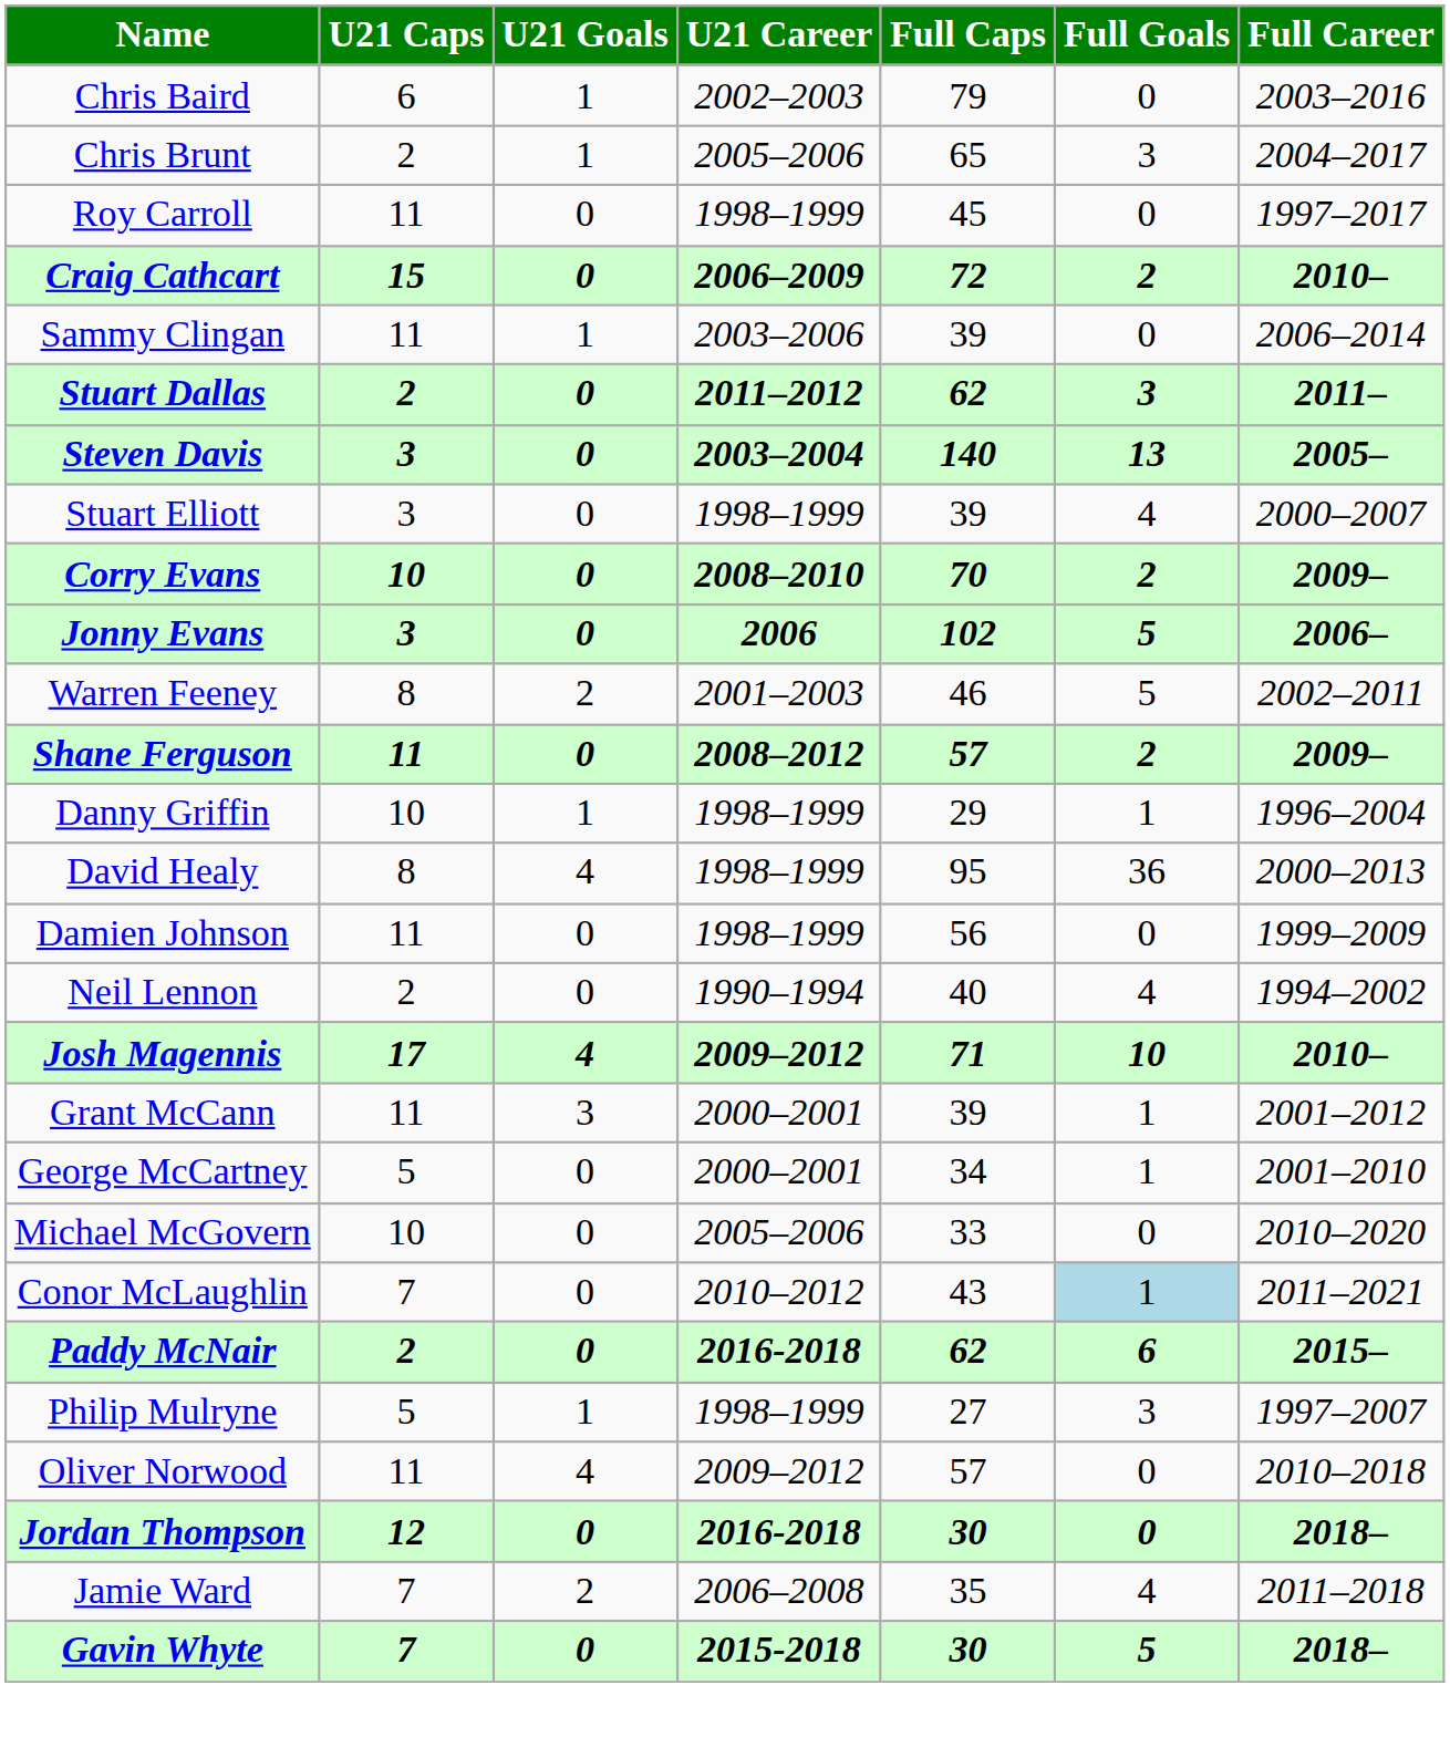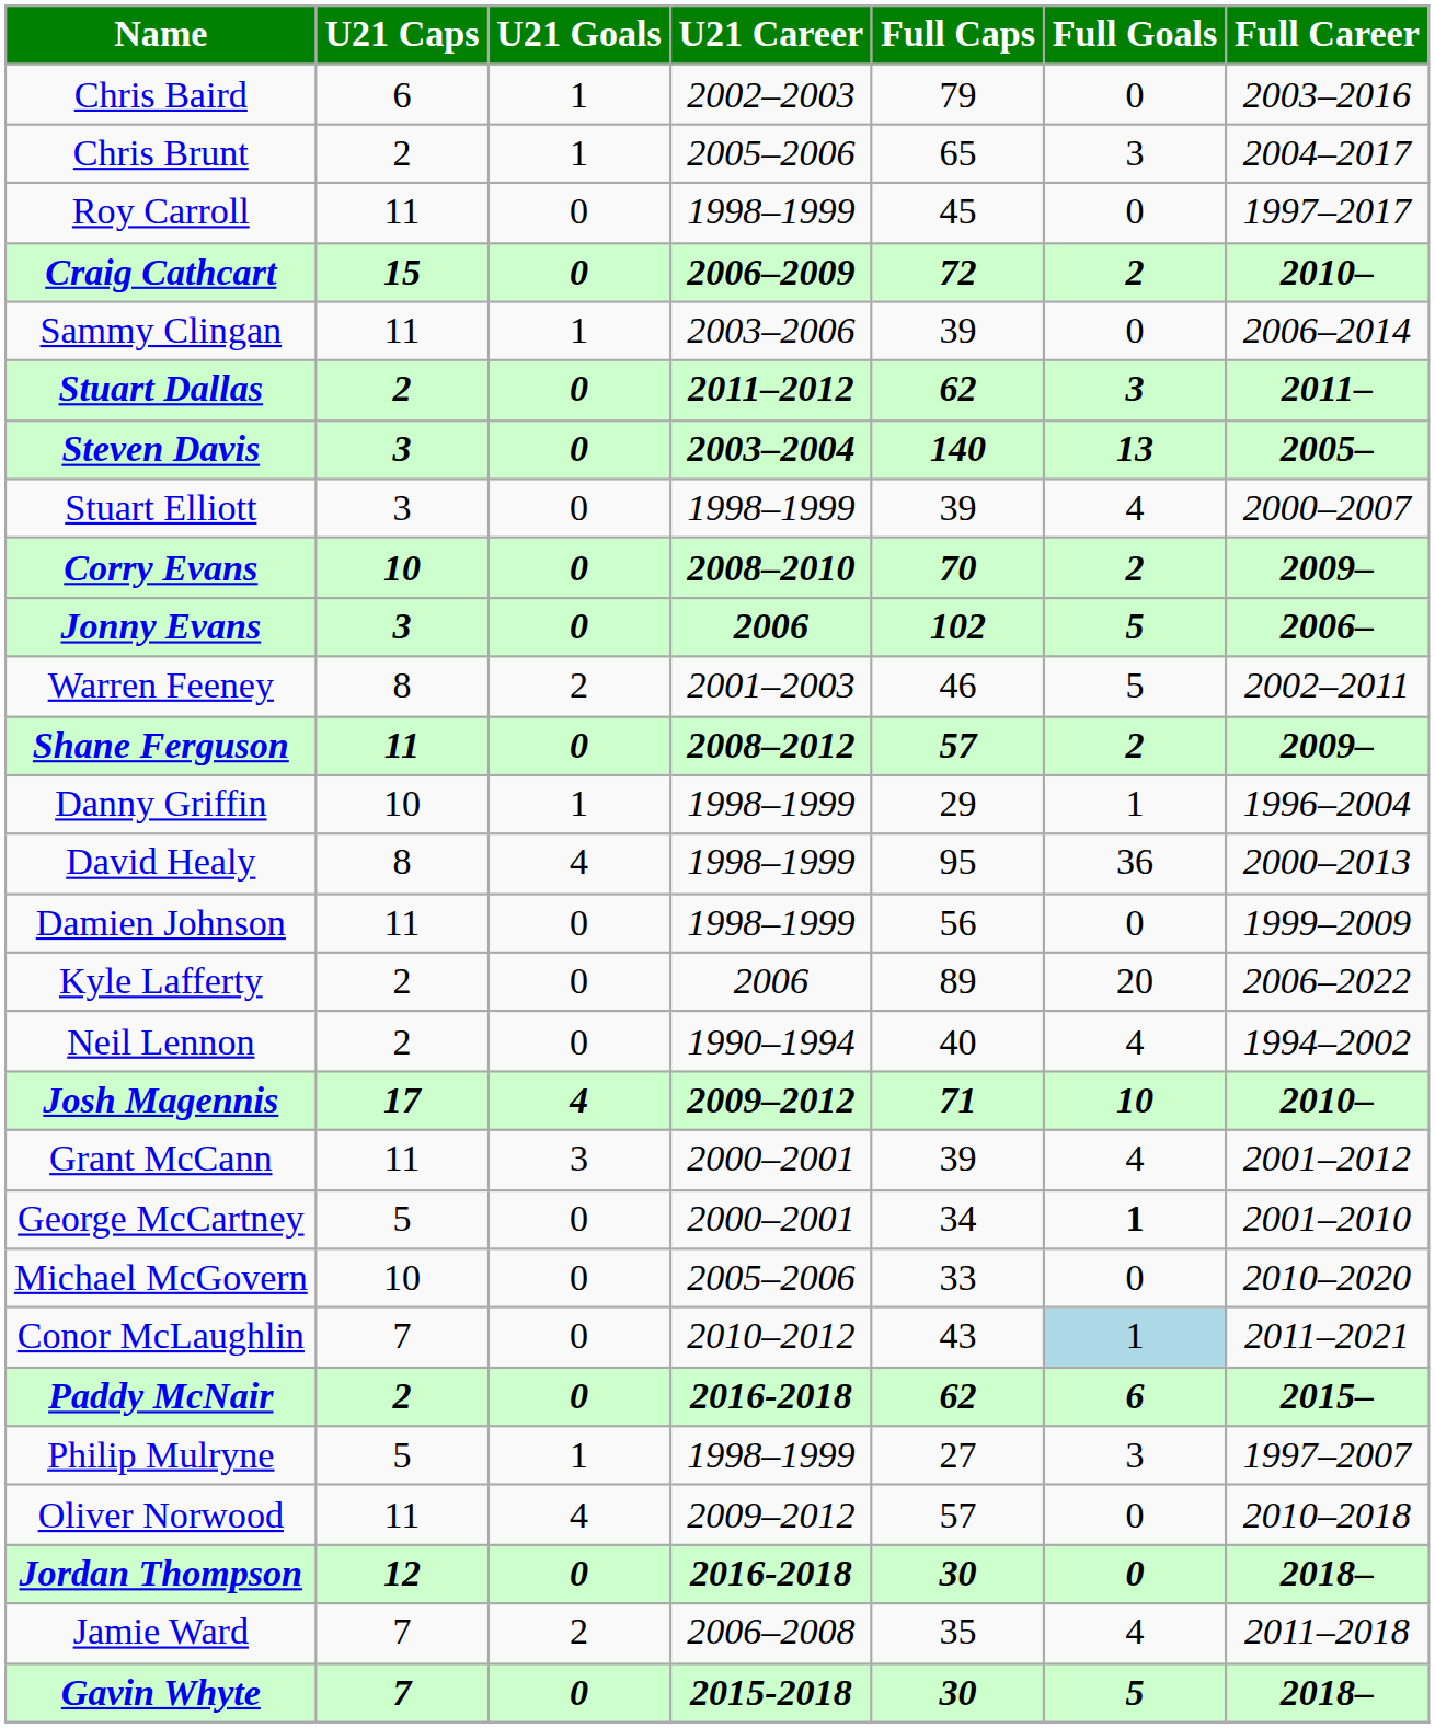 <table class="wikitable sortable" style="text-align: center;">
 <tr>
 <th style="background-color:#008000; color:white; ">Name</th>
 <th style="background-color:#008000; color:white; ">U21 Caps</th>
 <th style="background-color:#008000; color:white; ">U21 Goals</th>
 <th style="background-color:#008000; color:white; ">U21 Career</th>
 <th style="background-color:#008000; color:white; ">Full Caps</th>
 <th style="background-color:#008000; color:white; ">Full Goals</th>
 <th style="background-color:#008000; color:white; ">Full Career</th>
 </tr>
 <tr>
 <td><a href='#'>Chris Baird</a></td>
 <td>6</td>
 <td>1</td>
 <td><em>2002–2003</em></td>
 <td>79</td>
 <td>0</td>
 <td><em>2003–2016</em></td>
 </tr>
 <tr>
 <td><a href='#'>Chris Brunt</a></td>
 <td>2</td>
 <td>1</td>
 <td><em>2005–2006</em></td>
 <td>65</td>
 <td>3</td>
 <td><em>2004–2017</em></td>
 </tr>
 <tr>
 <td><a href='#'>Roy Carroll</a></td>
 <td>11</td>
 <td>0</td>
 <td><em>1998–1999</em></td>
 <td>45</td>
 <td>0</td>
 <td><em>1997–2017</em></td>
 </tr>
 <tr bgcolor=#CFC>
 <td><strong><em><a href='#'>Craig Cathcart</a></em></strong></td>
 <td><strong><em>15</em></strong></td>
 <td><strong><em>0</em></strong></td>
 <td><strong><em>2006–2009</em></strong></td>
 <td><strong><em>72</em></strong></td>
 <td><strong><em>2</em></strong></td>
 <td><strong><em>2010–</em></strong></td>
 </tr>
 <tr>
 <td><a href='#'>Sammy Clingan</a></td>
 <td>11</td>
 <td>1</td>
 <td><em>2003–2006</em></td>
 <td>39</td>
 <td>0</td>
 <td><em>2006–2014</em></td>
 </tr>
 <tr bgcolor=#CFC>
 <td><strong><em><a href='#'>Stuart Dallas</a></em></strong></td>
 <td><strong><em>2</em></strong></td>
 <td><strong><em>0</em></strong></td>
 <td><strong><em>2011–2012</em></strong></td>
 <td><strong><em>62</em></strong></td>
 <td><strong><em>3</em></strong></td>
 <td><strong><em>2011–</em></strong></td>
 </tr>
 <tr bgcolor=#CFC>
 <td><strong><em><a href='#'>Steven Davis</a></em></strong></td>
 <td><strong><em>3</em></strong></td>
 <td><strong><em>0</em></strong></td>
 <td><strong><em>2003–2004</em></strong></td>
 <td><strong><em>140</em></strong></td>
 <td><strong><em>13</em></strong></td>
 <td><strong><em>2005–</em></strong></td>
 </tr>
 <tr>
 <td><a href='#'>Stuart Elliott</a></td>
 <td>3</td>
 <td>0</td>
 <td><em>1998–1999</em></td>
 <td>39</td>
 <td>4</td>
 <td><em>2000–2007</em></td>
 </tr>
 <tr bgcolor=#CFC>
 <td><strong><em><a href='#'>Corry Evans</a></em></strong></td>
 <td><strong><em>10</em></strong></td>
 <td><strong><em>0</em></strong></td>
 <td><strong><em>2008–2010</em></strong></td>
 <td><strong><em>70</em></strong></td>
 <td><strong><em>2</em></strong></td>
 <td><strong><em>2009–</em></strong></td>
 </tr>
 <tr bgcolor=#CFC>
 <td><strong><em><a href='#'>Jonny Evans</a></em></strong></td>
 <td><strong><em>3</em></strong></td>
 <td><strong><em>0</em></strong></td>
 <td><strong><em>2006</em></strong></td>
 <td><strong><em>102</em></strong></td>
 <td><strong><em>5</em></strong></td>
 <td><strong><em>2006–</em></strong></td>
 </tr>
 <tr>
 <td><a href='#'>Warren Feeney</a></td>
 <td>8</td>
 <td>2</td>
 <td><em>2001–2003</em></td>
 <td>46</td>
 <td>5</td>
 <td><em>2002–2011</em></td>
 </tr>
 <tr bgcolor=#CFC>
 <td><strong><em><a href='#'>Shane Ferguson</a></em></strong></td>
 <td><strong><em>11</em></strong></td>
 <td><strong><em>0</em></strong></td>
 <td><strong><em>2008–2012</em></strong></td>
 <td><strong><em>57</em></strong></td>
 <td><strong><em>2</em></strong></td>
 <td><strong><em>2009–</em></strong></td>
 </tr>
 <tr>
 <td><a href='#'>Danny Griffin</a></td>
 <td>10</td>
 <td>1</td>
 <td><em>1998–1999</em></td>
 <td>29</td>
 <td>1</td>
 <td><em>1996–2004</em></td>
 </tr>
 <tr>
 <td><a href='#'>David Healy</a></td>
 <td>8</td>
 <td>4</td>
 <td><em>1998–1999</em></td>
 <td>95</td>
 <td>36</td>
 <td><em>2000–2013</em></td>
 </tr>
 <tr>
 <td><a href='#'>Damien Johnson</a></td>
 <td>11</td>
 <td>0</td>
 <td><em>1998–1999</em></td>
 <td>56</td>
 <td>0</td>
 <td><em>1999–2009</em></td>
 </tr>
 <tr>
+<td><a href='#'>Kyle Lafferty</a></td>
+<td>2</td>
+<td>0</td>
+<td><em>2006</em></td>
+<td>89</td>
+<td>20</td>
+<td><em>2006–2022</em></td>
+</tr>
+<tr>
 <td><a href='#'>Neil Lennon</a></td>
 <td>2</td>
 <td>0</td>
 <td><em>1990–1994</em></td>
 <td>40</td>
 <td>4</td>
 <td><em>1994–2002</em></td>
 </tr>
 <tr bgcolor=#CFC>
 <td><strong><em><a href='#'>Josh Magennis</a></em></strong></td>
 <td><strong><em>17</em></strong></td>
 <td><strong><em>4</em></strong></td>
 <td><strong><em>2009–2012</em></strong></td>
 <td><strong><em>71</em></strong></td>
 <td><strong><em>10</em></strong></td>
 <td><strong><em>2010–</em></strong></td>
 </tr>
 <tr>
 <td><a href='#'>Grant McCann</a></td>
 <td>11</td>
 <td>3</td>
 <td><em>2000–2001</em></td>
 <td>39</td>
-<td>1</td>
+<td>4</td>
 <td><em>2001–2012</em></td>
 </tr>
 <tr>
 <td><a href='#'>George McCartney</a></td>
 <td>5</td>
 <td>0</td>
 <td><em>2000–2001</em></td>
 <td>34</td>
-<td>1</td>
+<td><strong>1</strong></td>
 <td><em>2001–2010</em></td>
 </tr>
 <tr>
 <td><a href='#'>Michael McGovern</a></td>
 <td>10</td>
 <td>0</td>
 <td><em>2005–2006</em></td>
 <td>33</td>
 <td>0</td>
 <td><em>2010–2020</em></td>
 </tr>
 <tr>
 <td><a href='#'>Conor McLaughlin</a></td>
 <td>7</td>
 <td>0</td>
 <td><em>2010–2012</em></td>
 <td>43</td>
 <td style="background: lightblue;">1</td>
 <td><em>2011–2021</em></td>
 </tr>
 <tr bgcolor=#CFC>
 <td><strong><em><a href='#'>Paddy McNair</a></em></strong></td>
 <td><strong><em>2</em></strong></td>
 <td><strong><em>0</em></strong></td>
 <td><strong><em>2016-2018</em></strong></td>
 <td><strong><em>62</em></strong></td>
 <td><strong><em>6</em></strong></td>
 <td><strong><em>2015–</em></strong></td>
 </tr>
 <tr>
 <td><a href='#'>Philip Mulryne</a></td>
 <td>5</td>
 <td>1</td>
 <td><em>1998–1999</em></td>
 <td>27</td>
 <td>3</td>
 <td><em>1997–2007</em></td>
 </tr>
 <tr>
 <td><a href='#'>Oliver Norwood</a></td>
 <td>11</td>
 <td>4</td>
 <td><em>2009–2012</em></td>
 <td>57</td>
 <td>0</td>
 <td><em>2010–2018</em></td>
 </tr>
 <tr bgcolor=#CFC>
 <td><strong><em><a href='#'>Jordan Thompson</a></em></strong></td>
 <td><strong><em>12</em></strong></td>
 <td><strong><em>0</em></strong></td>
 <td><strong><em>2016-2018</em></strong></td>
 <td><strong><em>30</em></strong></td>
 <td><strong><em>0</em></strong></td>
 <td><strong><em>2018–</em></strong></td>
 </tr>
 <tr>
 <td><a href='#'>Jamie Ward</a></td>
 <td>7</td>
 <td>2</td>
 <td><em>2006–2008</em></td>
 <td>35</td>
 <td>4</td>
 <td><em>2011–2018</em></td>
 </tr>
 <tr bgcolor=#CFC>
 <td><strong><em><a href='#'>Gavin Whyte</a></em></strong></td>
 <td><strong><em>7</em></strong></td>
 <td><strong><em>0</em></strong></td>
 <td><strong><em>2015-2018</em></strong></td>
 <td><strong><em>30</em></strong></td>
 <td><strong><em>5</em></strong></td>
 <td><strong><em>2018–</em></strong></td>
 </tr>
 <tr>
 </tr>
 </table>
